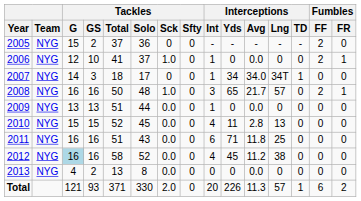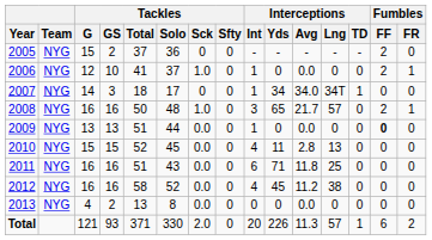 <table class="wikitable">
 <tr>
 <th colspan="2"></th>
 <th colspan="6">Tackles</th>
 <th colspan="5">Interceptions</th>
 <th colspan="4">Fumbles</th>
 </tr>
 <tr>
 <th>Year</th>
 <th>Team</th>
 <th>G</th>
 <th>GS</th>
 <th>Total</th>
 <th>Solo</th>
 <th>Sck</th>
 <th>Sfty</th>
 <th>Int</th>
 <th>Yds</th>
 <th>Avg</th>
 <th>Lng</th>
 <th>TD</th>
 <th>FF</th>
 <th>FR</th>
 </tr>
 <tr style="text-align:center;">
 <td><a href='#'>2005</a></td>
 <td><a href='#'>NYG</a></td>
 <td>15</td>
 <td>2</td>
 <td>37</td>
 <td>36</td>
 <td>0</td>
 <td>0</td>
 <td>-</td>
 <td>-</td>
 <td>-</td>
 <td>-</td>
 <td>-</td>
 <td>2</td>
 <td>0</td>
 </tr>
 <tr style="text-align:center;">
 <td><a href='#'>2006</a></td>
 <td><a href='#'>NYG</a></td>
 <td>12</td>
 <td>10</td>
 <td>41</td>
 <td>37</td>
 <td>1.0</td>
 <td>0</td>
 <td>1</td>
 <td>0</td>
 <td>0.0</td>
 <td>0</td>
 <td>0</td>
 <td>2</td>
 <td>1</td>
 </tr>
 <tr style="text-align:center;">
 <td><a href='#'>2007</a></td>
 <td><a href='#'>NYG</a></td>
 <td>14</td>
 <td>3</td>
 <td>18</td>
 <td>17</td>
 <td>0</td>
 <td>0</td>
 <td>1</td>
 <td>34</td>
 <td>34.0</td>
 <td>34T</td>
 <td>1</td>
 <td>0</td>
 <td>0</td>
 </tr>
 <tr style="text-align:center;">
 <td><a href='#'>2008</a></td>
 <td><a href='#'>NYG</a></td>
 <td>16</td>
 <td>16</td>
 <td>50</td>
 <td>48</td>
 <td>1.0</td>
 <td>0</td>
 <td>3</td>
 <td>65</td>
 <td>21.7</td>
 <td>57</td>
 <td>0</td>
 <td>2</td>
 <td>1</td>
 </tr>
 <tr style="text-align:center;">
 <td><a href='#'>2009</a></td>
 <td><a href='#'>NYG</a></td>
 <td>13</td>
 <td>13</td>
 <td>51</td>
 <td>44</td>
 <td>0.0</td>
 <td>0</td>
 <td>1</td>
 <td>0</td>
 <td>0.0</td>
 <td>0</td>
 <td>0</td>
-<td>0</td>
+<td><strong>0</strong></td>
 <td>0</td>
 </tr>
 <tr style="text-align:center;">
 <td><a href='#'>2010</a></td>
 <td><a href='#'>NYG</a></td>
 <td>15</td>
 <td>15</td>
 <td>52</td>
 <td>45</td>
 <td>0.0</td>
 <td>0</td>
 <td>4</td>
 <td>11</td>
 <td>2.8</td>
 <td>13</td>
 <td>0</td>
 <td>0</td>
 <td>0</td>
 </tr>
 <tr style="text-align:center;">
 <td><a href='#'>2011</a></td>
 <td><a href='#'>NYG</a></td>
 <td>16</td>
 <td>16</td>
 <td>51</td>
 <td>43</td>
 <td>0.0</td>
 <td>0</td>
 <td>6</td>
 <td>71</td>
 <td>11.8</td>
 <td>25</td>
 <td>0</td>
 <td>0</td>
 <td>0</td>
 </tr>
 <tr style="text-align:center;">
 <td><a href='#'>2012</a></td>
 <td><a href='#'>NYG</a></td>
-<td style="background: lightblue;">16</td>
+<td>16</td>
 <td>16</td>
 <td>58</td>
 <td>52</td>
 <td>0.0</td>
 <td>0</td>
 <td>4</td>
 <td>45</td>
 <td>11.2</td>
 <td>38</td>
 <td>0</td>
 <td>0</td>
 <td>0</td>
 </tr>
 <tr style="text-align:center;">
 <td><a href='#'>2013</a></td>
 <td><a href='#'>NYG</a></td>
 <td>4</td>
 <td>2</td>
 <td>13</td>
 <td>8</td>
 <td>0.0</td>
 <td>0</td>
 <td>0</td>
 <td>0</td>
 <td>0.0</td>
 <td>0</td>
 <td>0</td>
 <td>0</td>
 <td>0</td>
 </tr>
 <tr style="text-align:center;">
 <td><strong>Total</strong></td>
 <td></td>
 <td>121</td>
 <td>93</td>
 <td>371</td>
 <td>330</td>
 <td>2.0</td>
 <td>0</td>
 <td>20</td>
 <td>226</td>
 <td>11.3</td>
 <td>57</td>
 <td>1</td>
 <td>6</td>
 <td>2</td>
 </tr>
 </table>
